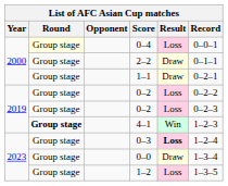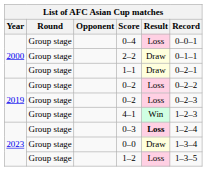 <table class="wikitable sortable collapsible collapsed" style="text-align: center;font-size:90%;">
 <tr>
 <th colspan=6>List of AFC Asian Cup matches</th>
 </tr>
 <tr>
 <th>Year</th>
 <th>Round</th>
 <th>Opponent</th>
 <th>Score</th>
 <th>Result</th>
 <th>Record</th>
 </tr>
 <tr>
 <td rowspan=3><a href='#'>2000</a></td>
-<td style="background: lightyellow;">Group stage</td>
+<td>Group stage</td>
 <td align="left"></td>
 <td>0–4</td>
 <td style="background:#ffd0e3;">Loss</td>
 <td>0–0–1</td>
 </tr>
 <tr>
 <td>Group stage</td>
 <td align="left"></td>
 <td>2–2</td>
 <td style="background:#ffd;">Draw</td>
 <td>0–1–1</td>
 </tr>
 <tr>
 <td>Group stage</td>
 <td align="left"></td>
 <td>1–1</td>
 <td style="background:#ffd;">Draw</td>
 <td>0–2–1</td>
 </tr>
 <tr>
 <td rowspan=3><a href='#'>2019</a></td>
 <td>Group stage</td>
 <td align="left"></td>
 <td>0–2</td>
 <td style="background:#ffd0e3;">Loss</td>
 <td>0–2–2</td>
 </tr>
 <tr>
 <td>Group stage</td>
 <td align="left"></td>
 <td>0–2</td>
 <td style="background:#ffd0e3;">Loss</td>
 <td>0–2–3</td>
 </tr>
 <tr>
-<td><strong>Group stage</strong></td>
+<td>Group stage</td>
 <td align="left"></td>
 <td>4–1</td>
 <td style="background:#d0ffe3;">Win</td>
 <td>1–2–3</td>
 </tr>
 <tr>
 <td rowspan=3><a href='#'>2023</a></td>
 <td>Group stage</td>
 <td align="left"></td>
 <td>0–3</td>
 <td style="background:#ffd0e3;"><strong>Loss</strong></td>
 <td>1–2–4</td>
 </tr>
 <tr>
 <td>Group stage</td>
 <td align="left"></td>
 <td>0–0</td>
 <td style="background:#ffd;">Draw</td>
 <td>1–3–4</td>
 </tr>
 <tr>
 <td>Group stage</td>
 <td align="left"></td>
 <td>1–2</td>
 <td style="background:#ffd0e3;">Loss</td>
 <td>1–3–5</td>
 </tr>
 </table>
